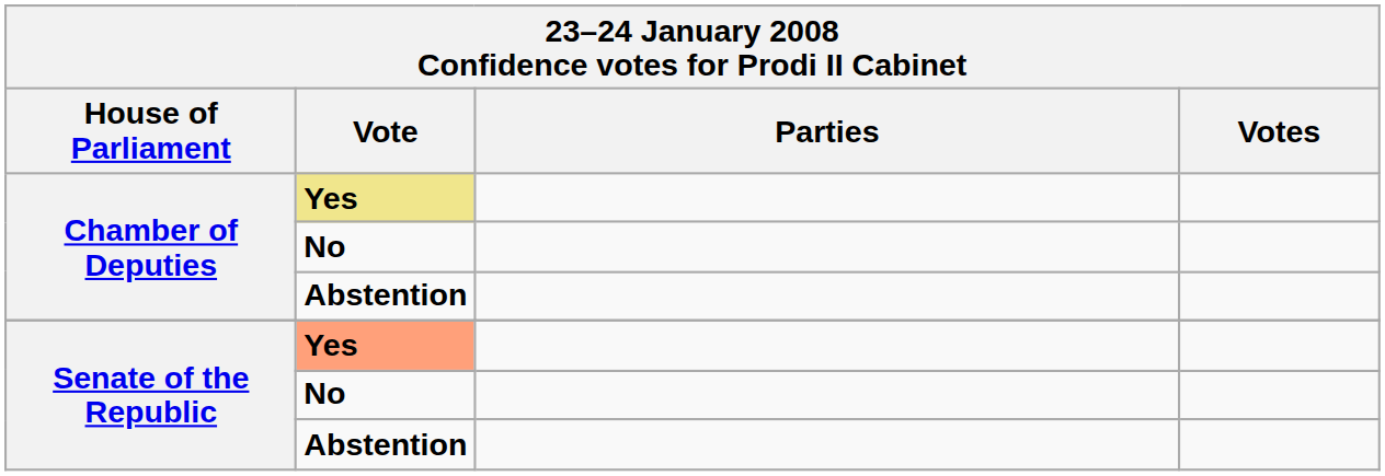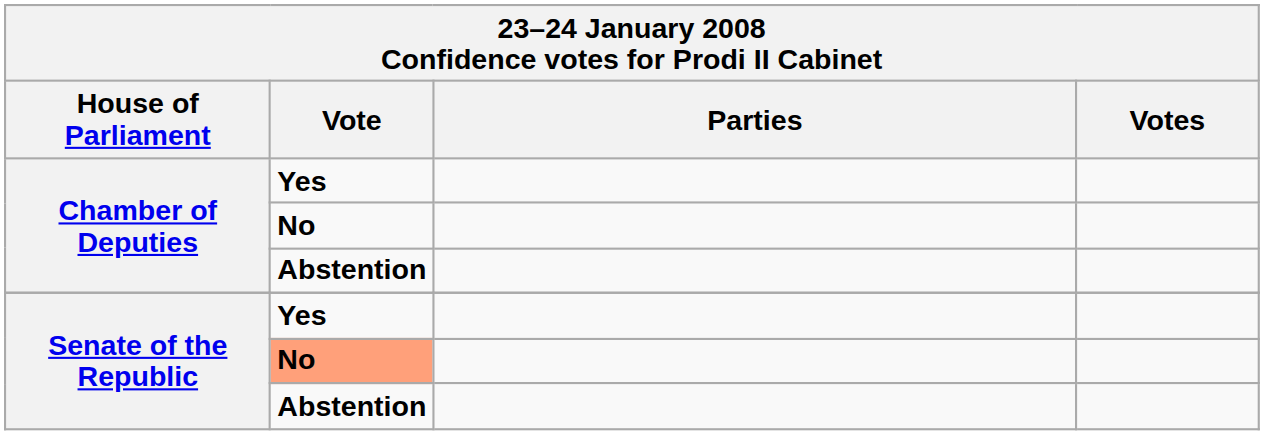 <table class="wikitable" style="font-size:85%;">
 <tr>
 <th colspan="4">23–24 January 2008<br>Confidence votes for Prodi II Cabinet</th>
 </tr>
 <tr>
 <th width="120">House of <a href='#'>Parliament</a></th>
 <th width="60">Vote</th>
 <th width="300">Parties</th>
 <th width="80" align="center">Votes</th>
 </tr>
 <tr>
 <th rowspan="3"><a href='#'>Chamber of Deputies</a><br></th>
-<td style="background: khaki;"> <strong>Yes</strong></td>
+<td> <strong>Yes</strong></td>
 <td></td>
 <td></td>
 </tr>
 <tr>
 <td> <strong>No</strong></td>
 <td></td>
 <td></td>
 </tr>
 <tr>
 <td><strong>Abstention</strong></td>
 <td></td>
 <td></td>
 </tr>
 <tr>
 </tr>
 <tr>
 <th rowspan="3"><a href='#'>Senate of the Republic</a><br></th>
-<td style="background: lightsalmon;"> <strong>Yes</strong></td>
+<td> <strong>Yes</strong></td>
 <td></td>
 <td></td>
 </tr>
 <tr>
-<td> <strong>No</strong></td>
+<td style="background: lightsalmon;"> <strong>No</strong></td>
 <td></td>
 <td></td>
 </tr>
 <tr>
 <td><strong>Abstention</strong></td>
 <td></td>
 <td></td>
 </tr>
 </table>
